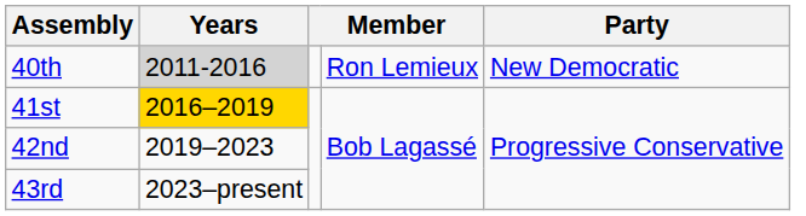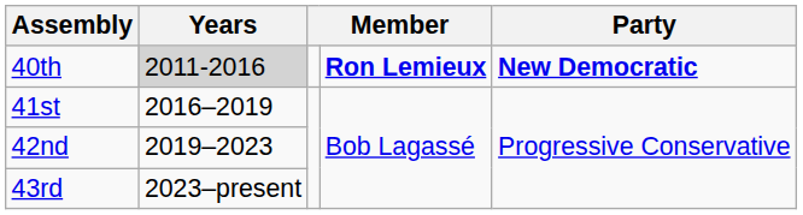 <table class="wikitable">
 <tr>
 <th>Assembly</th>
 <th>Years</th>
 <th colspan="2">Member</th>
 <th>Party<br></th>
 </tr>
 <tr>
 <td><a href='#'>40th</a></td>
 <td style="background: lightgrey;">2011-2016</td>
 <td></td>
-<td><a href='#'>Ron Lemieux</a></td>
-<td><a href='#'>New Democratic</a></td>
+<td><strong><a href='#'>Ron Lemieux</a></strong></td>
+<td><strong><a href='#'>New Democratic</a></strong></td>
 </tr>
 <tr>
 <td><a href='#'>41st</a></td>
-<td style="background: gold;">2016–2019</td>
+<td>2016–2019</td>
 <td rowspan=3 ></td>
 <td rowspan=3><a href='#'>Bob Lagassé</a></td>
 <td rowspan=3><a href='#'>Progressive Conservative</a></td>
 </tr>
 <tr>
 <td><a href='#'>42nd</a></td>
 <td>2019–2023</td>
 </tr>
 <tr>
 <td><a href='#'>43rd</a></td>
 <td>2023–present</td>
 </tr>
 </table>
